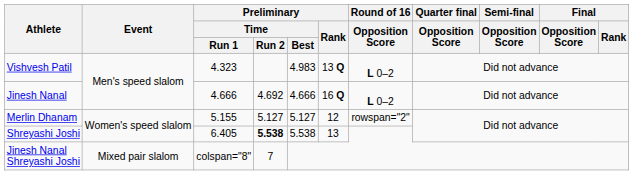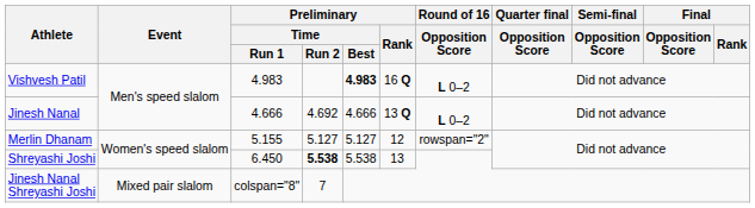 <table class=wikitable style=font-size:90%;text-align:center>
 <tr>
 <th rowspan="3">Athlete</th>
 <th rowspan="3">Event</th>
 <th colspan="4">Preliminary</th>
 <th>Round of 16</th>
 <th>Quarter final</th>
 <th>Semi-final</th>
 <th colspan="2">Final</th>
 </tr>
 <tr>
 <th colspan="3">Time</th>
 <th rowspan="2">Rank</th>
 <th rowspan="2">Opposition<br>Score</th>
 <th rowspan="2">Opposition<br>Score</th>
 <th rowspan="2">Opposition<br>Score</th>
 <th rowspan="2">Opposition<br>Score</th>
 <th rowspan="2">Rank</th>
 </tr>
 <tr>
 <th>Run 1</th>
 <th>Run 2</th>
 <th>Best</th>
 </tr>
 <tr>
 <td align="left"><a href='#'>Vishvesh Patil</a></td>
 <td rowspan="2">Men's speed slalom</td>
-<td>4.323</td>
+<td>4.983</td>
 <td></td>
-<td>4.983</td>
-<td>13 <strong>Q</strong></td>
+<td><strong>4.983</strong></td>
+<td>16 <strong>Q</strong></td>
 <td><br><strong>L</strong> 0–2</td>
 <td colspan="5">Did not advance</td>
 </tr>
 <tr>
 <td align="left"><a href='#'>Jinesh Nanal</a></td>
 <td>4.666</td>
 <td>4.692</td>
 <td>4.666</td>
-<td>16 <strong>Q</strong></td>
+<td>13 <strong>Q</strong></td>
 <td><br><strong>L</strong> 0–2</td>
 <td colspan="5">Did not advance</td>
 </tr>
 <tr>
 <td align="left"><a href='#'>Merlin Dhanam</a></td>
 <td rowspan="2">Women's speed slalom</td>
 <td>5.155</td>
 <td>5.127</td>
 <td>5.127</td>
 <td>12</td>
 <td>rowspan="2" </td>
 <td rowspan="2" colspan="6">Did not advance</td>
 </tr>
 <tr>
 <td align="left"><a href='#'>Shreyashi Joshi</a></td>
-<td>6.405</td>
+<td>6.450</td>
 <td><strong>5.538</strong></td>
 <td>5.538</td>
 <td>13</td>
 </tr>
 <tr>
 <td align="left"><a href='#'>Jinesh Nanal</a><br><a href='#'>Shreyashi Joshi</a></td>
 <td>Mixed pair slalom</td>
 <td>colspan="8" </td>
 <td>7</td>
 </tr>
 </table>
